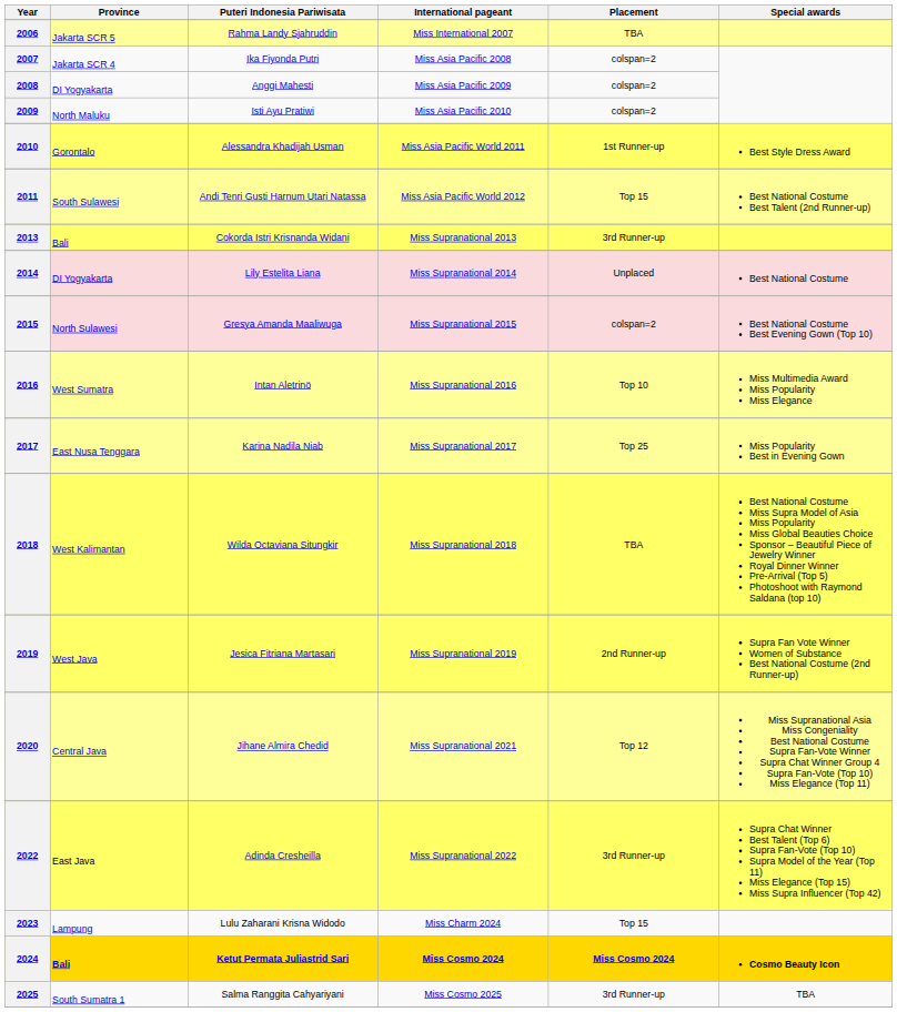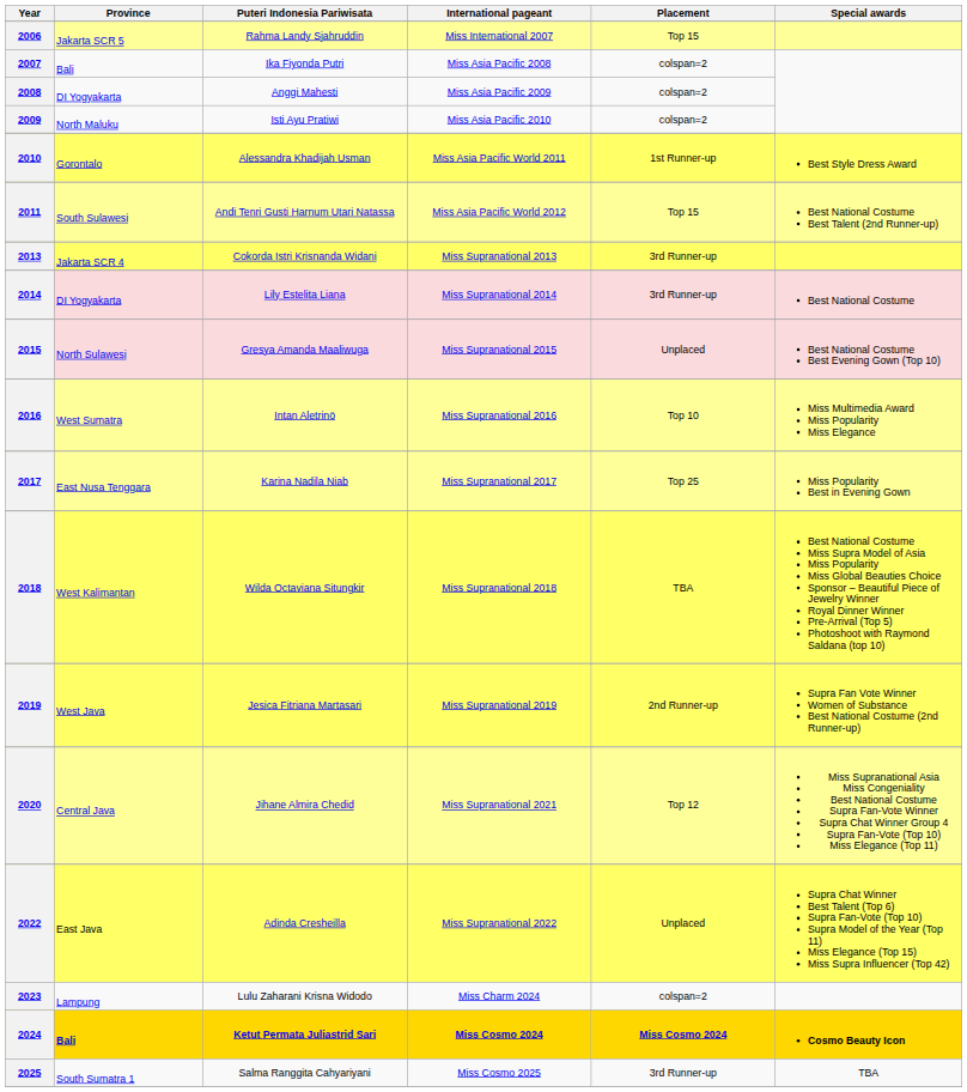 <table class="wikitable" style="font-size: 85%; text-align:center">
 <tr colspan=10 align="center">
 <th width="60">Year</th>
 <th width="200">Province</th>
 <th width="280">Puteri Indonesia Pariwisata</th>
 <th width="250">International pageant</th>
 <th width="250">Placement</th>
 <th width="250">Special awards</th>
 </tr>
 <tr>
 </tr>
 <tr style="background-color:#FFFF99; ">
 <th><a href='#'>2006</a></th>
 <td align="left"><br><a href='#'>Jakarta SCR 5</a></td>
 <td><a href='#'>Rahma Landy Sjahruddin</a></td>
 <td><a href='#'>Miss International 2007</a></td>
-<td>TBA</td>
+<td>Top 15</td>
 <td></td>
 </tr>
 <tr>
 <th><a href='#'>2007</a></th>
-<td align="left"><br><a href='#'>Jakarta SCR 4</a></td>
+<td align="left"><br><a href='#'>Bali</a></td>
 <td><a href='#'>Ika Fiyonda Putri</a></td>
 <td><a href='#'>Miss Asia Pacific 2008</a></td>
 <td>colspan=2 </td>
 </tr>
 <tr>
 <th><a href='#'>2008</a></th>
 <td align="left"><br><a href='#'>DI Yogyakarta</a></td>
 <td><a href='#'>Anggi Mahesti</a></td>
 <td><a href='#'>Miss Asia Pacific 2009</a></td>
 <td>colspan=2 </td>
 </tr>
 <tr>
 <th><a href='#'>2009</a></th>
 <td align="left"><br><a href='#'>North Maluku</a></td>
 <td><a href='#'>Isti Ayu Pratiwi</a></td>
 <td><a href='#'>Miss Asia Pacific 2010</a></td>
 <td>colspan=2 </td>
 </tr>
 <tr>
 </tr>
 <tr styl>
 </tr>
 <tr style="background-color:#FFFF66; ">
 <th><a href='#'>2010</a></th>
 <td align="left"><br><a href='#'>Gorontalo</a></td>
 <td><a href='#'>Alessandra Khadijah Usman</a></td>
 <td><a href='#'>Miss Asia Pacific World 2011</a></td>
 <td>1st Runner-up</td>
 <td align="left"><br><ul><li>Best Style Dress Award</li></ul></td>
 </tr>
 <tr>
 </tr>
 <tr style="background-color:#FFFF99; ">
 <th><a href='#'>2011</a></th>
 <td align="left"><br><a href='#'>South Sulawesi</a></td>
 <td><a href='#'>Andi Tenri Gusti Harnum Utari Natassa</a></td>
 <td><a href='#'>Miss Asia Pacific World 2012</a></td>
 <td>Top 15</td>
 <td align="left"><br><ul><li>Best National Costume</li><li>Best Talent (2nd Runner-up)</li></ul></td>
 </tr>
 <tr>
 </tr>
 <tr style="background-color:#FFFF66; ">
 <th><a href='#'>2013</a></th>
-<td align="left"><br><a href='#'>Bali</a></td>
+<td align="left"><br><a href='#'>Jakarta SCR 4</a></td>
 <td><a href='#'>Cokorda Istri Krisnanda Widani</a></td>
 <td><a href='#'>Miss Supranational 2013</a></td>
 <td>3rd Runner-up</td>
 <td></td>
 </tr>
 <tr>
 </tr>
 <tr style="background-color:#FADADD; ">
 <th><a href='#'>2014</a></th>
 <td align="left"><br><a href='#'>DI Yogyakarta</a></td>
 <td><a href='#'>Lily Estelita Liana</a></td>
 <td><a href='#'>Miss Supranational 2014</a></td>
-<td>Unplaced</td>
+<td>3rd Runner-up</td>
 <td align="left"><br><ul><li>Best National Costume</li></ul></td>
 </tr>
 <tr>
 </tr>
 <tr style="background-color:#FADADD; ">
 <th><a href='#'>2015</a></th>
 <td align="left"><br><a href='#'>North Sulawesi</a></td>
 <td><a href='#'>Gresya Amanda Maaliwuga</a></td>
 <td><a href='#'>Miss Supranational 2015</a></td>
-<td>colspan=2 </td>
+<td>Unplaced</td>
 <td align="left"><br><ul><li>Best National Costume</li><li>Best Evening Gown (Top 10)</li></ul></td>
 </tr>
 <tr>
 </tr>
 <tr style="background-color:#FFFF99; ">
 <th><a href='#'>2016</a></th>
 <td align="left"><br><a href='#'>West Sumatra</a></td>
 <td><a href='#'>Intan Aletrinö</a></td>
 <td><a href='#'>Miss Supranational 2016</a></td>
 <td>Top 10</td>
 <td align="left"><br><ul><li>Miss Multimedia Award</li><li>Miss Popularity</li><li>Miss Elegance</li></ul></td>
 </tr>
 <tr>
 </tr>
 <tr style="background-color:#FFFF99; ">
 <th><a href='#'>2017</a></th>
 <td align="left"><br><a href='#'>East Nusa Tenggara</a></td>
 <td><a href='#'>Karina Nadila Niab</a></td>
 <td><a href='#'>Miss Supranational 2017</a></td>
 <td>Top 25</td>
 <td align="left"><br><ul><li>Miss Popularity</li><li>Best in Evening Gown</li></ul></td>
 </tr>
 <tr>
 </tr>
 <tr style="background-color:#FFFF66; ">
 <th><a href='#'>2018</a></th>
 <td align="left"><br><a href='#'>West Kalimantan</a></td>
 <td><a href='#'>Wilda Octaviana Situngkir</a></td>
 <td><a href='#'>Miss Supranational 2018</a></td>
 <td>TBA</td>
 <td align="left"><br><ul><li>Best National Costume</li><li>Miss Supra Model of Asia</li><li>Miss Popularity</li><li>Miss Global Beauties Choice</li><li>Sponsor – Beautiful Piece of Jewelry Winner</li><li>Royal Dinner Winner</li><li>Pre-Arrival (Top 5)</li><li>Photoshoot with Raymond Saldana (top 10)</li></ul></td>
 </tr>
 <tr>
 </tr>
 <tr style="background-color:#FFFF66;">
 <th><a href='#'>2019</a></th>
 <td align="left"><br><a href='#'>West Java</a></td>
 <td><a href='#'>Jesica Fitriana Martasari</a></td>
 <td><a href='#'>Miss Supranational 2019</a></td>
 <td>2nd Runner-up</td>
 <td align="left"><br><ul><li>Supra Fan Vote Winner</li><li>Women of Substance</li><li>Best National Costume (2nd Runner-up)</li></ul></td>
 </tr>
 <tr>
 </tr>
 <tr style="background-color:#FFFF99; ">
 <th><a href='#'>2020</a></th>
 <td align="left"><br><a href='#'>Central Java</a></td>
 <td><a href='#'>Jihane Almira Chedid</a></td>
 <td><a href='#'>Miss Supranational 2021</a></td>
 <td>Top 12</td>
 <td><br><ul><li>Miss Supranational Asia</li><li>Miss Congeniality</li><li>Best National Costume</li><li>Supra Fan-Vote Winner</li><li>Supra Chat Winner Group 4</li><li>Supra Fan-Vote (Top 10)</li><li>Miss Elegance (Top 11)</li></ul></td>
 </tr>
 <tr>
 </tr>
 <tr style="background-color:#FFFF66;">
 <th><a href='#'>2022</a></th>
 <td align="left"><br>East Java</td>
 <td><a href='#'>Adinda Cresheilla</a></td>
 <td><a href='#'>Miss Supranational 2022</a></td>
-<td>3rd Runner-up</td>
+<td>Unplaced</td>
 <td align="left"><br><ul><li>Supra Chat Winner</li><li>Best Talent (Top 6)</li><li>Supra Fan-Vote (Top 10)</li><li>Supra Model of the Year (Top 11)</li><li>Miss Elegance (Top 15)</li><li>Miss Supra Influencer (Top 42)</li></ul></td>
 </tr>
 <tr>
 <th><a href='#'>2023</a></th>
 <td align="left"><br><a href='#'>Lampung</a></td>
 <td>Lulu Zaharani Krisna Widodo</td>
 <td><a href='#'>Miss Charm 2024</a></td>
-<td>Top 15</td>
+<td>colspan=2 </td>
 </tr>
 <tr style="background-color:gold; font-weight: bold ">
 <th><a href='#'>2024</a></th>
 <td align="left"><br><a href='#'>Bali</a></td>
 <td><a href='#'>Ketut Permata Juliastrid Sari</a></td>
 <td><a href='#'>Miss Cosmo 2024</a></td>
 <td><a href='#'>Miss Cosmo 2024</a></td>
 <td align="left"><br><ul><li>Cosmo Beauty Icon</li></ul></td>
 </tr>
 <tr>
 <th><a href='#'>2025</a></th>
 <td align="left"><br><a href='#'>South Sumatra 1</a></td>
 <td>Salma Ranggita Cahyariyani</td>
 <td><a href='#'>Miss Cosmo 2025</a></td>
 <td>3rd Runner-up</td>
 <td>TBA</td>
 </tr>
 <tr>
 </tr>
 </table>
